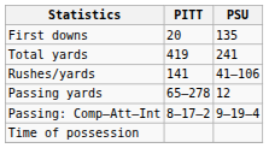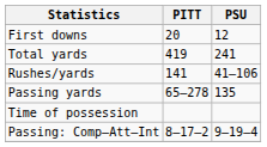 <table class="wikitable" style="float: left;">
 <tr>
 <th>Statistics</th>
 <th>PITT</th>
 <th>PSU</th>
 </tr>
 <tr>
 <td>First downs</td>
 <td>20</td>
-<td>135</td>
+<td>12</td>
 </tr>
 <tr>
 <td>Total yards</td>
 <td>419</td>
 <td>241</td>
 </tr>
 <tr>
 <td>Rushes/yards</td>
 <td>141</td>
 <td>41–106</td>
 </tr>
 <tr>
 <td>Passing yards</td>
 <td>65–278</td>
-<td>12</td>
+<td>135</td>
+</tr>
+<tr>
+<td>Time of possession</td>
+<td></td>
+<td></td>
 </tr>
 <tr>
 <td>Passing: Comp–Att–Int</td>
 <td>8–17–2</td>
 <td>9–19–4</td>
 </tr>
 <tr>
-<td>Time of possession</td>
-<td></td>
-<td></td>
-</tr>
-<tr>
 </tr>
 </table>
